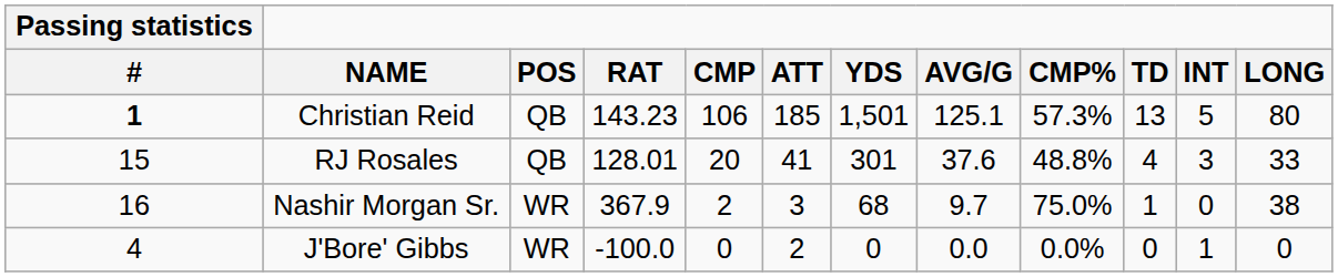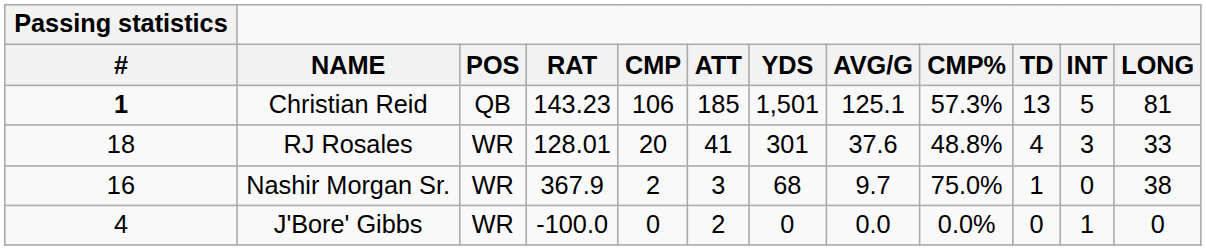 <table style="width:60%; text-align:center;" class="wikitable collapsible collapsed">
 <tr>
 <th style="text-align:center; ">Passing statistics</th>
 </tr>
 <tr>
 <th>#</th>
 <th>NAME</th>
 <th>POS</th>
 <th>RAT</th>
 <th>CMP</th>
 <th>ATT</th>
 <th>YDS</th>
 <th>AVG/G</th>
 <th>CMP%</th>
 <th>TD</th>
 <th>INT</th>
 <th>LONG</th>
 </tr>
 <tr>
 <td><strong>1</strong></td>
 <td>Christian Reid</td>
 <td>QB</td>
 <td>143.23</td>
 <td>106</td>
 <td>185</td>
 <td>1,501</td>
 <td>125.1</td>
 <td>57.3%</td>
 <td>13</td>
 <td>5</td>
-<td>80</td>
+<td>81</td>
 </tr>
 <tr>
-<td>15</td>
+<td>18</td>
 <td>RJ Rosales</td>
-<td>QB</td>
+<td>WR</td>
 <td>128.01</td>
 <td>20</td>
 <td>41</td>
 <td>301</td>
 <td>37.6</td>
 <td>48.8%</td>
 <td>4</td>
 <td>3</td>
 <td>33</td>
 </tr>
 <tr>
 <td>16</td>
 <td>Nashir Morgan Sr.</td>
 <td>WR</td>
 <td>367.9</td>
 <td>2</td>
 <td>3</td>
 <td>68</td>
 <td>9.7</td>
 <td>75.0%</td>
 <td>1</td>
 <td>0</td>
 <td>38</td>
 </tr>
 <tr>
 <td>4</td>
 <td>J'Bore' Gibbs</td>
 <td>WR</td>
 <td>-100.0</td>
 <td>0</td>
 <td>2</td>
 <td>0</td>
 <td>0.0</td>
 <td>0.0%</td>
 <td>0</td>
 <td>1</td>
 <td>0</td>
 </tr>
 </table>
